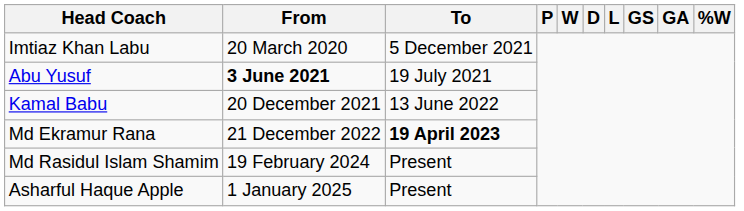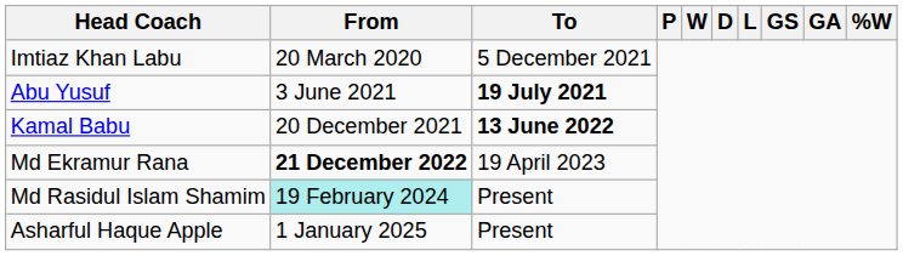 <table class="wikitable sortable" style="text-align:center">
 <tr>
 <th>Head Coach</th>
 <th class="unsortable">From</th>
 <th class="unsortable">To</th>
 <th abbr="1">P</th>
 <th abbr="0">W</th>
 <th abbr="0">D</th>
 <th abbr="1">L</th>
 <th abbr="0">GS</th>
 <th abbr="1">GA</th>
 <th abbr="00">%W</th>
 </tr>
 <tr>
 <td align=left> Imtiaz Khan Labu</td>
 <td align=left>20 March 2020</td>
 <td align=left>5 December 2021<br></td>
 </tr>
 <tr>
 <td align=left> <a href='#'>Abu Yusuf</a></td>
-<td align=left><strong>3 June 2021</strong></td>
-<td align=left>19 July 2021<br></td>
+<td align=left>3 June 2021</td>
+<td align=left><strong>19 July 2021<br></strong></td>
 </tr>
 <tr>
 <td align=left> <a href='#'>Kamal Babu</a></td>
 <td align=left>20 December 2021</td>
-<td align=left>13 June 2022<br></td>
+<td align=left><strong>13 June 2022<br></strong></td>
 </tr>
 <tr>
 <td align=left> Md Ekramur Rana</td>
-<td align=left>21 December 2022</td>
-<td align=left><strong>19 April 2023<br></strong></td>
+<td align=left><strong>21 December 2022</strong></td>
+<td align=left>19 April 2023<br></td>
 </tr>
 <tr>
 <td align=left> Md Rasidul Islam Shamim</td>
-<td align=left>19 February 2024</td>
+<td align=left style="background: paleturquoise;">19 February 2024</td>
 <td align=left>Present<br></td>
 </tr>
 <tr>
 <td align=left> Asharful Haque Apple</td>
 <td align=left>1 January 2025</td>
 <td align=left>Present<br></td>
 </tr>
 </table>
